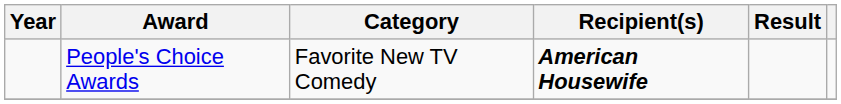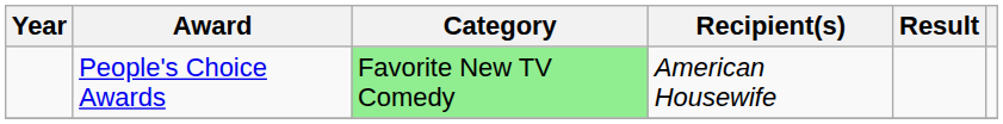 <table class="wikitable sortable plainrowheaders">
 <tr>
 <th scope="col">Year</th>
 <th scope="col">Award</th>
 <th scope="col">Category</th>
 <th scope="col">Recipient(s)</th>
 <th scope="col">Result</th>
 <th scope="col" class="unsortable"></th>
 </tr>
 <tr>
 <td></td>
 <td><a href='#'>People's Choice Awards</a></td>
-<td>Favorite New TV Comedy</td>
-<td><strong><em>American Housewife</em></strong></td>
+<td style="background: lightgreen;">Favorite New TV Comedy</td>
+<td><em>American Housewife</em></td>
 <td></td>
 <td style="text-align:center;"></td>
 </tr>
 <tr>
 </tr>
 </table>
